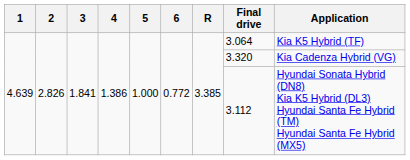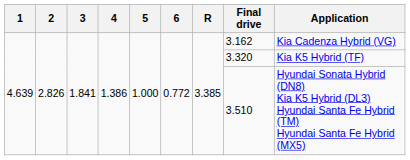 <table class=wikitable>
 <tr>
 <th>1</th>
 <th>2</th>
 <th>3</th>
 <th>4</th>
 <th>5</th>
 <th>6</th>
 <th>R</th>
 <th>Final drive</th>
 <th>Application</th>
 </tr>
 <tr>
 <td rowspan=3>4.639</td>
 <td rowspan=3>2.826</td>
 <td rowspan=3>1.841</td>
 <td rowspan=3>1.386</td>
 <td rowspan=3>1.000</td>
 <td rowspan=3>0.772</td>
 <td rowspan=3>3.385</td>
-<td>3.064</td>
+<td>3.162</td>
+<td><a href='#'>Kia Cadenza Hybrid (VG)</a></td>
+</tr>
+<tr>
+<td>3.320</td>
 <td><a href='#'>Kia K5 Hybrid (TF)</a></td>
 </tr>
 <tr>
-<td>3.320</td>
-<td><a href='#'>Kia Cadenza Hybrid (VG)</a></td>
-</tr>
-<tr>
-<td>3.112</td>
+<td>3.510</td>
 <td><a href='#'>Hyundai Sonata Hybrid (DN8)</a><br><a href='#'>Kia K5 Hybrid (DL3)</a><br><a href='#'>Hyundai Santa Fe Hybrid (TM)</a><br><a href='#'>Hyundai Santa Fe Hybrid (MX5)</a></td>
 </tr>
 </table>
